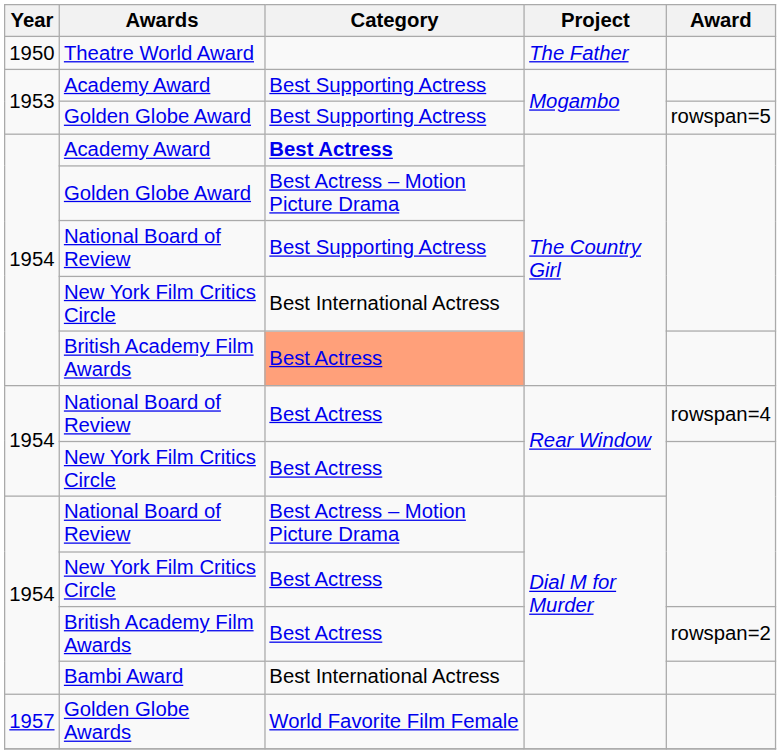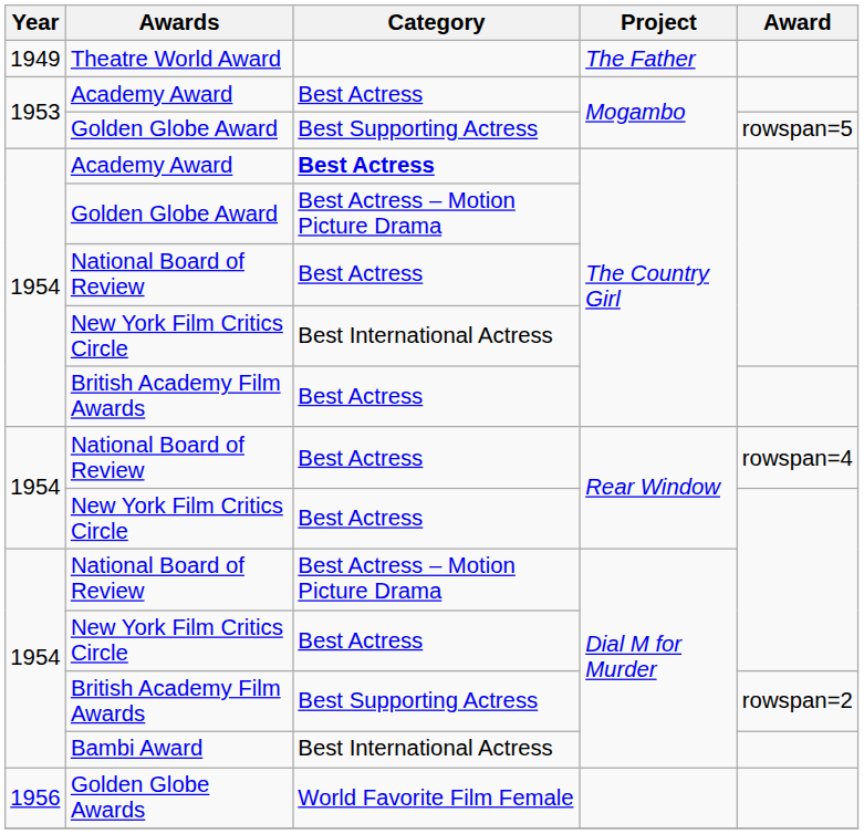 <table class="wikitable">
 <tr>
 <th>Year</th>
 <th>Awards</th>
 <th>Category</th>
 <th>Project</th>
 <th>Award</th>
 </tr>
 <tr>
-<td>1950</td>
+<td>1949</td>
 <td><a href='#'>Theatre World Award</a></td>
 <td></td>
 <td><em><a href='#'>The Father</a></em></td>
 <td></td>
 </tr>
 <tr>
 <td rowspan=2>1953</td>
 <td><a href='#'>Academy Award</a></td>
-<td><a href='#'>Best Supporting Actress</a></td>
+<td><a href='#'>Best Actress</a></td>
 <td rowspan=2><em><a href='#'>Mogambo</a></em></td>
 <td></td>
 </tr>
 <tr>
 <td><a href='#'>Golden Globe Award</a></td>
 <td><a href='#'>Best Supporting Actress</a></td>
 <td>rowspan=5 </td>
 </tr>
 <tr>
 <td rowspan="5">1954</td>
 <td><a href='#'>Academy Award</a></td>
 <td><strong><a href='#'>Best Actress</a></strong></td>
 <td rowspan=5><em><a href='#'>The Country Girl</a></em></td>
 </tr>
 <tr>
 <td><a href='#'>Golden Globe Award</a></td>
 <td><a href='#'>Best Actress – Motion Picture Drama</a></td>
 </tr>
 <tr>
 <td><a href='#'>National Board of Review</a></td>
-<td><a href='#'>Best Supporting Actress</a></td>
+<td><a href='#'>Best Actress</a></td>
 </tr>
 <tr>
 <td><a href='#'>New York Film Critics Circle</a></td>
 <td>Best International Actress</td>
 </tr>
 <tr>
 <td><a href='#'>British Academy Film Awards</a></td>
-<td style="background: lightsalmon;"><a href='#'>Best Actress</a></td>
+<td><a href='#'>Best Actress</a></td>
 <td></td>
 </tr>
 <tr>
 <td rowspan=2>1954</td>
 <td><a href='#'>National Board of Review</a></td>
 <td><a href='#'>Best Actress</a></td>
 <td rowspan=2><em><a href='#'>Rear Window</a></em></td>
 <td>rowspan=4 </td>
 </tr>
 <tr>
 <td><a href='#'>New York Film Critics Circle</a></td>
 <td><a href='#'>Best Actress</a></td>
 </tr>
 <tr>
 <td rowspan=4>1954</td>
 <td><a href='#'>National Board of Review</a></td>
 <td><a href='#'>Best Actress – Motion Picture Drama</a></td>
 <td rowspan=4><em><a href='#'>Dial M for Murder</a></em></td>
 </tr>
 <tr>
 <td><a href='#'>New York Film Critics Circle</a></td>
 <td><a href='#'>Best Actress</a></td>
 </tr>
 <tr>
 <td><a href='#'>British Academy Film Awards</a></td>
-<td><a href='#'>Best Actress</a></td>
+<td><a href='#'>Best Supporting Actress</a></td>
 <td>rowspan=2 </td>
 </tr>
 <tr>
 <td><a href='#'>Bambi Award</a></td>
 <td>Best International Actress</td>
 </tr>
 <tr>
-<td><a href='#'>1957</a></td>
+<td><a href='#'>1956</a></td>
 <td><a href='#'>Golden Globe Awards</a></td>
 <td><a href='#'>World Favorite Film Female</a></td>
 <td></td>
 <td></td>
 </tr>
 <tr>
 </tr>
 </table>
